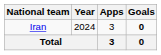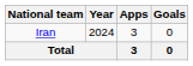 <table class="wikitable" style="text-align:center">
 <tr>
 <th>National team</th>
 <th>Year</th>
 <th>Apps</th>
 <th>Goals</th>
 </tr>
 <tr>
 <td><a href='#'>Iran</a></td>
 <td>2024</td>
 <td>3</td>
-<td><strong>0</strong></td>
+<td>0</td>
 </tr>
 <tr>
 <th colspan="2">Total</th>
 <th>3</th>
 <th>0</th>
 </tr>
 </table>
